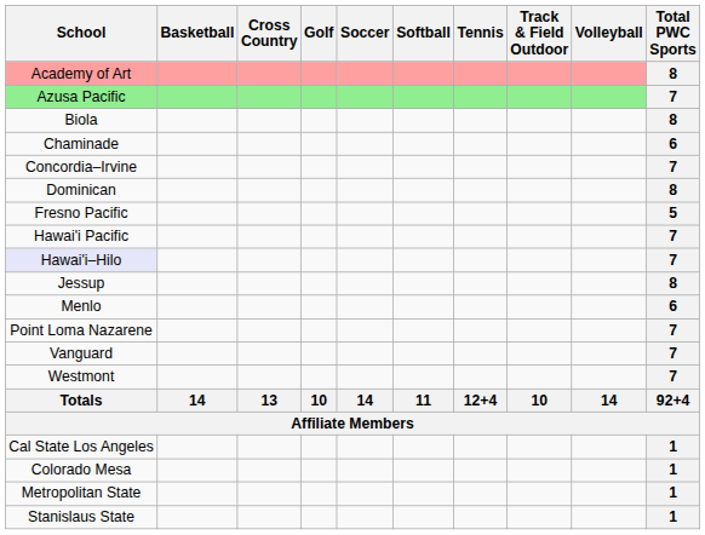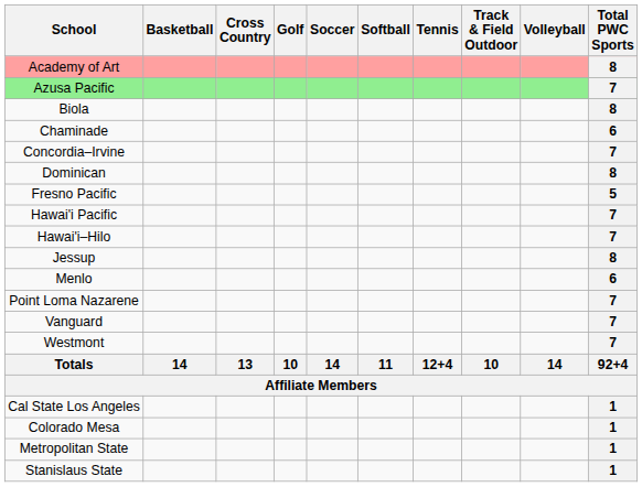 <table class="wikitable" style="text-align:center">
 <tr>
 <th>School</th>
 <th>Basketball</th>
 <th>Cross<br>Country</th>
 <th>Golf</th>
 <th>Soccer</th>
 <th>Softball</th>
 <th>Tennis</th>
 <th>Track<br>& Field<br>Outdoor</th>
 <th>Volleyball</th>
 <th>Total<br>PWC<br>Sports</th>
 </tr>
 <tr bgcolor=#ffa0a0>
 <td>Academy of Art</td>
 <td></td>
 <td></td>
 <td></td>
 <td></td>
 <td></td>
 <td></td>
 <td></td>
 <td></td>
 <th>8</th>
 </tr>
 <tr bgcolor=#90ee90>
 <td>Azusa Pacific</td>
 <td></td>
 <td></td>
 <td></td>
 <td></td>
 <td></td>
 <td></td>
 <td></td>
 <td></td>
 <th>7</th>
 </tr>
 <tr>
 <td>Biola</td>
 <td></td>
 <td></td>
 <td></td>
 <td></td>
 <td></td>
 <td></td>
 <td></td>
 <td></td>
 <th>8</th>
 </tr>
 <tr>
 <td>Chaminade</td>
 <td></td>
 <td></td>
 <td></td>
 <td></td>
 <td></td>
 <td></td>
 <td></td>
 <td></td>
 <th>6</th>
 </tr>
 <tr>
 <td>Concordia–Irvine</td>
 <td></td>
 <td></td>
 <td></td>
 <td></td>
 <td></td>
 <td></td>
 <td></td>
 <td></td>
 <th>7</th>
 </tr>
 <tr>
 <td>Dominican</td>
 <td></td>
 <td></td>
 <td></td>
 <td></td>
 <td></td>
 <td></td>
 <td></td>
 <td></td>
 <th>8</th>
 </tr>
 <tr>
 <td>Fresno Pacific</td>
 <td></td>
 <td></td>
 <td></td>
 <td></td>
 <td></td>
 <td></td>
 <td></td>
 <td></td>
 <th>5</th>
 </tr>
 <tr>
 <td>Hawai'i Pacific</td>
 <td></td>
 <td></td>
 <td></td>
 <td></td>
 <td></td>
 <td></td>
 <td></td>
 <td></td>
 <th>7</th>
 </tr>
 <tr>
-<td style="background: lavender;">Hawai'i–Hilo</td>
+<td>Hawai'i–Hilo</td>
 <td></td>
 <td></td>
 <td></td>
 <td></td>
 <td></td>
 <td></td>
 <td></td>
 <td></td>
 <th>7</th>
 </tr>
 <tr>
 <td>Jessup</td>
 <td></td>
 <td></td>
 <td></td>
 <td></td>
 <td></td>
 <td></td>
 <td></td>
 <td></td>
 <th>8</th>
 </tr>
 <tr>
 <td>Menlo</td>
 <td></td>
 <td></td>
 <td></td>
 <td></td>
 <td></td>
 <td></td>
 <td></td>
 <td></td>
 <th>6</th>
 </tr>
 <tr>
 <td>Point Loma Nazarene</td>
 <td></td>
 <td></td>
 <td></td>
 <td></td>
 <td></td>
 <td></td>
 <td></td>
 <td></td>
 <th>7</th>
 </tr>
 <tr>
 <td>Vanguard</td>
 <td></td>
 <td></td>
 <td></td>
 <td></td>
 <td></td>
 <td></td>
 <td></td>
 <td></td>
 <th>7</th>
 </tr>
 <tr>
 <td>Westmont</td>
 <td></td>
 <td></td>
 <td></td>
 <td></td>
 <td></td>
 <td></td>
 <td></td>
 <td></td>
 <th>7</th>
 </tr>
 <tr>
 <th>Totals</th>
 <th>14</th>
 <th>13</th>
 <th>10</th>
 <th>14</th>
 <th>11</th>
 <th>12+4</th>
 <th>10</th>
 <th>14</th>
 <th>92+4</th>
 </tr>
 <tr>
 <th colspan=10>Affiliate Members</th>
 </tr>
 <tr>
 <td>Cal State Los Angeles</td>
 <td></td>
 <td></td>
 <td></td>
 <td></td>
 <td></td>
 <td></td>
 <td></td>
 <td></td>
 <th>1</th>
 </tr>
 <tr>
 <td>Colorado Mesa</td>
 <td></td>
 <td></td>
 <td></td>
 <td></td>
 <td></td>
 <td></td>
 <td></td>
 <td></td>
 <th>1</th>
 </tr>
 <tr>
 <td>Metropolitan State</td>
 <td></td>
 <td></td>
 <td></td>
 <td></td>
 <td></td>
 <td></td>
 <td></td>
 <td></td>
 <th>1</th>
 </tr>
 <tr>
 <td>Stanislaus State</td>
 <td></td>
 <td></td>
 <td></td>
 <td></td>
 <td></td>
 <td></td>
 <td></td>
 <td></td>
 <th>1</th>
 </tr>
 </table>
